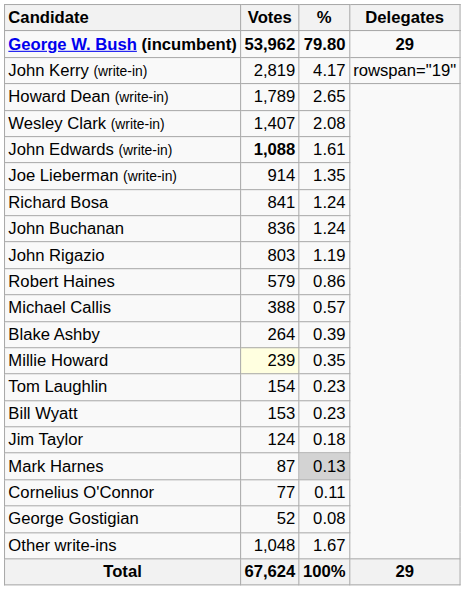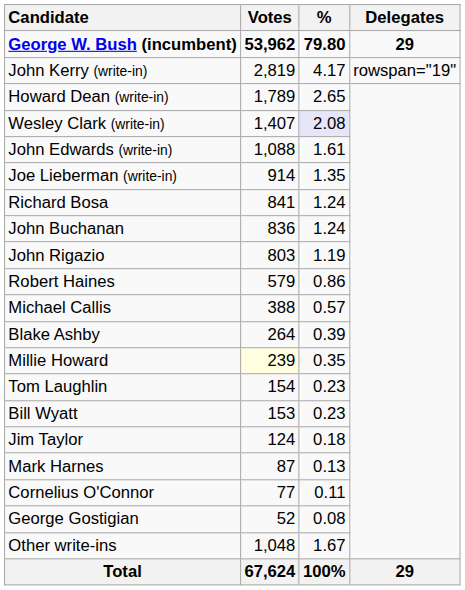 <table class="wikitable sortable plainrowheaders" style="text-align:right;">
 <tr>
 <th style="text-align:left;">Candidate</th>
 <th>Votes</th>
 <th>%</th>
 <th>Delegates</th>
 </tr>
 <tr>
 </tr>
 <tr>
 <td style="text-align:left;"><strong><a href='#'>George W. Bush</a></strong> <strong>(incumbent)</strong></td>
 <td><strong>53,962</strong></td>
 <td><strong>79.80</strong></td>
 <td style="text-align:center;"><strong>29</strong></td>
 </tr>
 <tr>
 <td style="text-align:left;">John Kerry <small>(write-in)</small></td>
 <td>2,819</td>
 <td>4.17</td>
 <td>rowspan="19" </td>
 </tr>
 <tr>
 <td style="text-align:left;">Howard Dean <small>(write-in)</small></td>
 <td>1,789</td>
 <td>2.65</td>
 </tr>
 <tr>
 <td style="text-align:left;">Wesley Clark <small>(write-in)</small></td>
 <td>1,407</td>
-<td>2.08</td>
+<td style="background: lavender;">2.08</td>
 </tr>
 <tr>
 <td style="text-align:left;">John Edwards <small>(write-in)</small></td>
-<td><strong>1,088</strong></td>
+<td>1,088</td>
 <td>1.61</td>
 </tr>
 <tr>
 <td style="text-align:left;">Joe Lieberman <small>(write-in)</small></td>
 <td>914</td>
 <td>1.35</td>
 </tr>
 <tr>
 <td style="text-align:left;">Richard Bosa</td>
 <td>841</td>
 <td>1.24</td>
 </tr>
 <tr>
 <td style="text-align:left;">John Buchanan</td>
 <td>836</td>
 <td>1.24</td>
 </tr>
 <tr>
 <td style="text-align:left;">John Rigazio</td>
 <td>803</td>
 <td>1.19</td>
 </tr>
 <tr>
 <td style="text-align:left;">Robert Haines</td>
 <td>579</td>
 <td>0.86</td>
 </tr>
 <tr>
 <td style="text-align:left;">Michael Callis</td>
 <td>388</td>
 <td>0.57</td>
 </tr>
 <tr>
 <td style="text-align:left;">Blake Ashby</td>
 <td>264</td>
 <td>0.39</td>
 </tr>
 <tr>
 <td style="text-align:left;">Millie Howard</td>
 <td style="background: lightyellow;">239</td>
 <td>0.35</td>
 </tr>
 <tr>
 <td style="text-align:left;">Tom Laughlin</td>
 <td>154</td>
 <td>0.23</td>
 </tr>
 <tr>
 <td style="text-align:left;">Bill Wyatt</td>
 <td>153</td>
 <td>0.23</td>
 </tr>
 <tr>
 <td style="text-align:left;">Jim Taylor</td>
 <td>124</td>
 <td>0.18</td>
 </tr>
 <tr>
 <td style="text-align:left;">Mark Harnes</td>
 <td>87</td>
-<td style="background: lightgrey;">0.13</td>
+<td>0.13</td>
 </tr>
 <tr>
 <td style="text-align:left;">Cornelius O'Connor</td>
 <td>77</td>
 <td>0.11</td>
 </tr>
 <tr>
 <td style="text-align:left;">George Gostigian</td>
 <td>52</td>
 <td>0.08</td>
 </tr>
 <tr>
 <td style="text-align:left;">Other write-ins</td>
 <td>1,048</td>
 <td>1.67</td>
 </tr>
 <tr class="sortbottom">
 <th>Total</th>
 <th>67,624</th>
 <th>100%</th>
 <th>29</th>
 </tr>
 </table>
